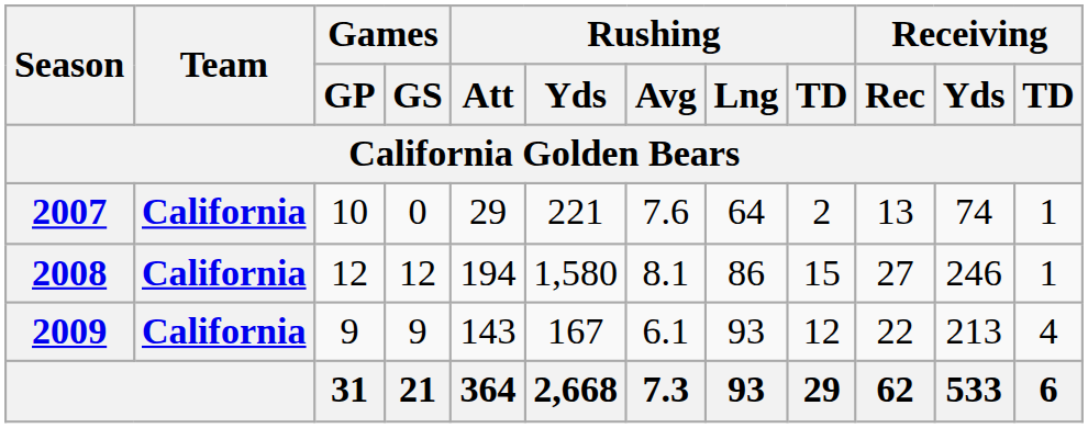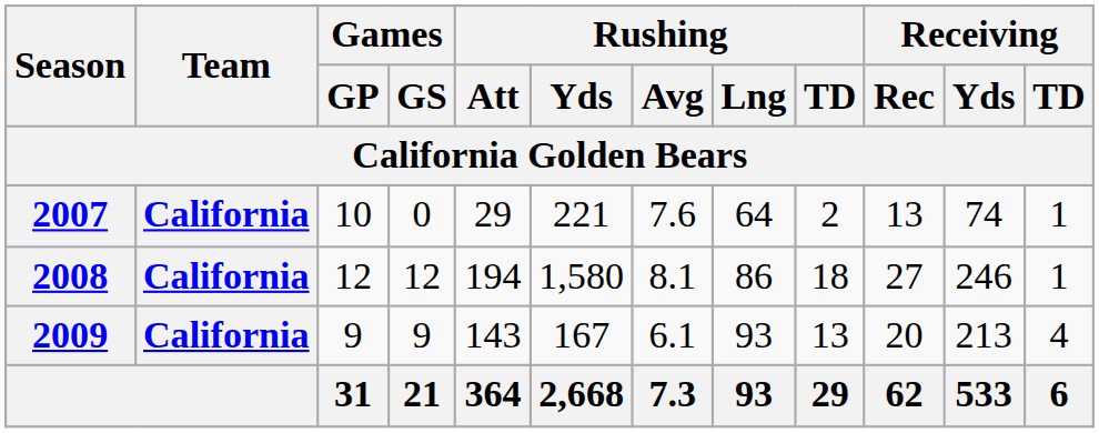 <table class="wikitable" style="text-align:center;">
 <tr>
 <th rowspan="2">Season</th>
 <th rowspan="2">Team</th>
 <th colspan="2">Games</th>
 <th colspan="5">Rushing</th>
 <th colspan="3">Receiving</th>
 </tr>
 <tr>
 <th>GP</th>
 <th>GS</th>
 <th>Att</th>
 <th>Yds</th>
 <th>Avg</th>
 <th>Lng</th>
 <th>TD</th>
 <th>Rec</th>
 <th>Yds</th>
 <th>TD</th>
 </tr>
 <tr>
 <th colspan="14">California Golden Bears</th>
 </tr>
 <tr>
 <th><a href='#'>2007</a></th>
 <th><a href='#'>California</a></th>
 <td>10</td>
 <td>0</td>
 <td>29</td>
 <td>221</td>
 <td>7.6</td>
 <td>64</td>
 <td>2</td>
 <td>13</td>
 <td>74</td>
 <td>1</td>
 </tr>
 <tr>
 <th><a href='#'>2008</a></th>
 <th><a href='#'>California</a></th>
 <td>12</td>
 <td>12</td>
 <td>194</td>
 <td>1,580</td>
 <td>8.1</td>
 <td>86</td>
-<td>15</td>
+<td>18</td>
 <td>27</td>
 <td>246</td>
 <td>1</td>
 </tr>
 <tr>
 <th><a href='#'>2009</a></th>
 <th><a href='#'>California</a></th>
 <td>9</td>
 <td>9</td>
 <td>143</td>
 <td>167</td>
 <td>6.1</td>
 <td>93</td>
-<td>12</td>
-<td>22</td>
+<td>13</td>
+<td>20</td>
 <td>213</td>
 <td>4</td>
 </tr>
 <tr>
 <th colspan="2"></th>
 <th>31</th>
 <th>21</th>
 <th>364</th>
 <th>2,668</th>
 <th>7.3</th>
 <th>93</th>
 <th>29</th>
 <th>62</th>
 <th>533</th>
 <th>6</th>
 </tr>
 </table>
